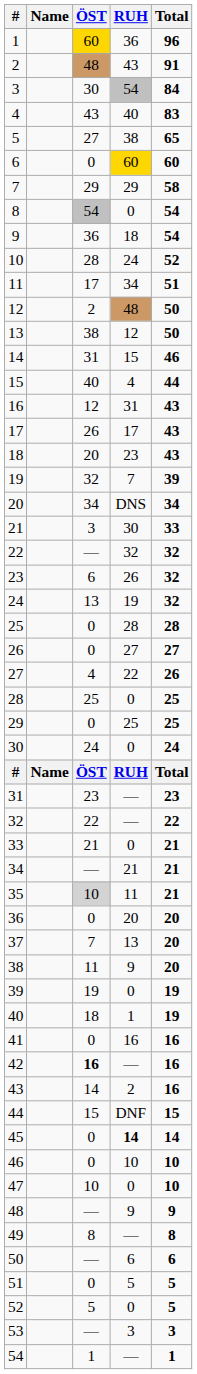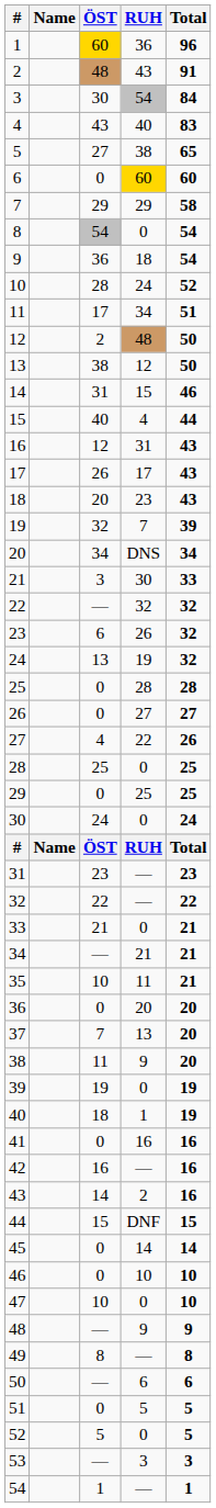 <table class="wikitable sortable" style="text-align:center;">
 <tr>
 <th>#</th>
 <th>Name</th>
 <th><a href='#'>ÖST</a></th>
 <th><a href='#'>RUH</a></th>
 <th><strong>Total</strong> </th>
 </tr>
 <tr>
 <td>1</td>
 <td align="left"></td>
 <td bgcolor="gold">60</td>
 <td>36</td>
 <td><strong>96</strong></td>
 </tr>
 <tr>
 <td>2</td>
 <td align="left"></td>
 <td bgcolor="CC9966">48</td>
 <td>43</td>
 <td><strong>91</strong></td>
 </tr>
 <tr>
 <td>3</td>
 <td align="left"></td>
 <td>30</td>
 <td bgcolor="silver">54</td>
 <td><strong>84</strong></td>
 </tr>
 <tr>
 <td>4</td>
 <td align="left"></td>
 <td>43</td>
 <td>40</td>
 <td><strong>83</strong></td>
 </tr>
 <tr>
 <td>5</td>
 <td align="left"></td>
 <td>27</td>
 <td>38</td>
 <td><strong>65</strong></td>
 </tr>
 <tr>
 <td>6</td>
 <td align="left"></td>
 <td>0</td>
 <td bgcolor="gold">60</td>
 <td><strong>60</strong></td>
 </tr>
 <tr>
 <td>7</td>
 <td align="left"></td>
 <td>29</td>
 <td>29</td>
 <td><strong>58</strong></td>
 </tr>
 <tr>
 <td>8</td>
 <td align="left"></td>
 <td bgcolor="silver">54</td>
 <td>0</td>
 <td><strong>54</strong></td>
 </tr>
 <tr>
 <td>9</td>
 <td align="left"></td>
 <td>36</td>
 <td>18</td>
 <td><strong>54</strong></td>
 </tr>
 <tr>
 <td>10</td>
 <td align="left"></td>
 <td>28</td>
 <td>24</td>
 <td><strong>52</strong></td>
 </tr>
 <tr>
 <td>11</td>
 <td align="left"></td>
 <td>17</td>
 <td>34</td>
 <td><strong>51</strong></td>
 </tr>
 <tr>
 <td>12</td>
 <td align="left"></td>
 <td>2</td>
 <td bgcolor="CC9966">48</td>
 <td><strong>50</strong></td>
 </tr>
 <tr>
 <td>13</td>
 <td align="left"></td>
 <td>38</td>
 <td>12</td>
 <td><strong>50</strong></td>
 </tr>
 <tr>
 <td>14</td>
 <td align="left"></td>
 <td>31</td>
 <td>15</td>
 <td><strong>46</strong></td>
 </tr>
 <tr>
 <td>15</td>
 <td align="left"></td>
 <td>40</td>
 <td>4</td>
 <td><strong>44</strong></td>
 </tr>
 <tr>
 <td>16</td>
 <td align="left"></td>
 <td>12</td>
 <td>31</td>
 <td><strong>43</strong></td>
 </tr>
 <tr>
 <td>17</td>
 <td align="left"></td>
 <td>26</td>
 <td>17</td>
 <td><strong>43</strong></td>
 </tr>
 <tr>
 <td>18</td>
 <td align="left"></td>
 <td>20</td>
 <td>23</td>
 <td><strong>43</strong></td>
 </tr>
 <tr>
 <td>19</td>
 <td align="left"></td>
 <td>32</td>
 <td>7</td>
 <td><strong>39</strong></td>
 </tr>
 <tr>
 <td>20</td>
 <td align="left"></td>
 <td>34</td>
 <td>DNS</td>
 <td><strong>34</strong></td>
 </tr>
 <tr>
 <td>21</td>
 <td align="left"></td>
 <td>3</td>
 <td>30</td>
 <td><strong>33</strong></td>
 </tr>
 <tr>
 <td>22</td>
 <td align="left"></td>
 <td>—</td>
 <td>32</td>
 <td><strong>32</strong></td>
 </tr>
 <tr>
 <td>23</td>
 <td align="left"></td>
 <td>6</td>
 <td>26</td>
 <td><strong>32</strong></td>
 </tr>
 <tr>
 <td>24</td>
 <td align="left"></td>
 <td>13</td>
 <td>19</td>
 <td><strong>32</strong></td>
 </tr>
 <tr>
 <td>25</td>
 <td align="left"></td>
 <td>0</td>
 <td>28</td>
 <td><strong>28</strong></td>
 </tr>
 <tr>
 <td>26</td>
 <td align="left"></td>
 <td>0</td>
 <td>27</td>
 <td><strong>27</strong></td>
 </tr>
 <tr>
 <td>27</td>
 <td align="left"></td>
 <td>4</td>
 <td>22</td>
 <td><strong>26</strong></td>
 </tr>
 <tr>
 <td>28</td>
 <td align="left"></td>
 <td>25</td>
 <td>0</td>
 <td><strong>25</strong></td>
 </tr>
 <tr>
 <td>29</td>
 <td align="left"></td>
 <td>0</td>
 <td>25</td>
 <td><strong>25</strong></td>
 </tr>
 <tr>
 <td>30</td>
 <td align="left"></td>
 <td>24</td>
 <td>0</td>
 <td><strong>24</strong></td>
 </tr>
 <tr>
 <th>#</th>
 <th>Name</th>
 <th><a href='#'>ÖST</a></th>
 <th><a href='#'>RUH</a></th>
 <th><strong>Total</strong></th>
 </tr>
 <tr>
 <td>31</td>
 <td align="left"></td>
 <td>23</td>
 <td>—</td>
 <td><strong>23</strong></td>
 </tr>
 <tr>
 <td>32</td>
 <td align="left"></td>
 <td>22</td>
 <td>—</td>
 <td><strong>22</strong></td>
 </tr>
 <tr>
 <td>33</td>
 <td align="left"></td>
 <td>21</td>
 <td>0</td>
 <td><strong>21</strong></td>
 </tr>
 <tr>
 <td>34</td>
 <td align="left"></td>
 <td>—</td>
 <td>21</td>
 <td><strong>21</strong></td>
 </tr>
 <tr>
 <td>35</td>
 <td align="left"></td>
-<td style="background: lightgrey;">10</td>
+<td>10</td>
 <td>11</td>
 <td><strong>21</strong></td>
 </tr>
 <tr>
 <td>36</td>
 <td align="left"></td>
 <td>0</td>
 <td>20</td>
 <td><strong>20</strong></td>
 </tr>
 <tr>
 <td>37</td>
 <td align="left"></td>
 <td>7</td>
 <td>13</td>
 <td><strong>20</strong></td>
 </tr>
 <tr>
 <td>38</td>
 <td align="left"></td>
 <td>11</td>
 <td>9</td>
 <td><strong>20</strong></td>
 </tr>
 <tr>
 <td>39</td>
 <td align="left"></td>
 <td>19</td>
 <td>0</td>
 <td><strong>19</strong></td>
 </tr>
 <tr>
 <td>40</td>
 <td align="left"></td>
 <td>18</td>
 <td>1</td>
 <td><strong>19</strong></td>
 </tr>
 <tr>
 <td>41</td>
 <td align="left"></td>
 <td>0</td>
 <td>16</td>
 <td><strong>16</strong></td>
 </tr>
 <tr>
 <td>42</td>
 <td align="left"></td>
-<td><strong>16</strong></td>
+<td>16</td>
 <td>—</td>
 <td><strong>16</strong></td>
 </tr>
 <tr>
 <td>43</td>
 <td align="left"></td>
 <td>14</td>
 <td>2</td>
 <td><strong>16</strong></td>
 </tr>
 <tr>
 <td>44</td>
 <td align="left"></td>
 <td>15</td>
 <td>DNF</td>
 <td><strong>15</strong></td>
 </tr>
 <tr>
 <td>45</td>
 <td align="left"></td>
 <td>0</td>
-<td><strong>14</strong></td>
+<td>14</td>
 <td><strong>14</strong></td>
 </tr>
 <tr>
 <td>46</td>
 <td align="left"></td>
 <td>0</td>
 <td>10</td>
 <td><strong>10</strong></td>
 </tr>
 <tr>
 <td>47</td>
 <td align="left"></td>
 <td>10</td>
 <td>0</td>
 <td><strong>10</strong></td>
 </tr>
 <tr>
 <td>48</td>
 <td align="left"></td>
 <td>—</td>
 <td>9</td>
 <td><strong>9</strong></td>
 </tr>
 <tr>
 <td>49</td>
 <td align="left"></td>
 <td>8</td>
 <td>—</td>
 <td><strong>8</strong></td>
 </tr>
 <tr>
 <td>50</td>
 <td align="left"></td>
 <td>—</td>
 <td>6</td>
 <td><strong>6</strong></td>
 </tr>
 <tr>
 <td>51</td>
 <td align="left"></td>
 <td>0</td>
 <td>5</td>
 <td><strong>5</strong></td>
 </tr>
 <tr>
 <td>52</td>
 <td align="left"></td>
 <td>5</td>
 <td>0</td>
 <td><strong>5</strong></td>
 </tr>
 <tr>
 <td>53</td>
 <td align="left"></td>
 <td>—</td>
 <td>3</td>
 <td><strong>3</strong></td>
 </tr>
 <tr>
 <td>54</td>
 <td align="left"></td>
 <td>1</td>
 <td>—</td>
 <td><strong>1</strong></td>
 </tr>
 </table>
